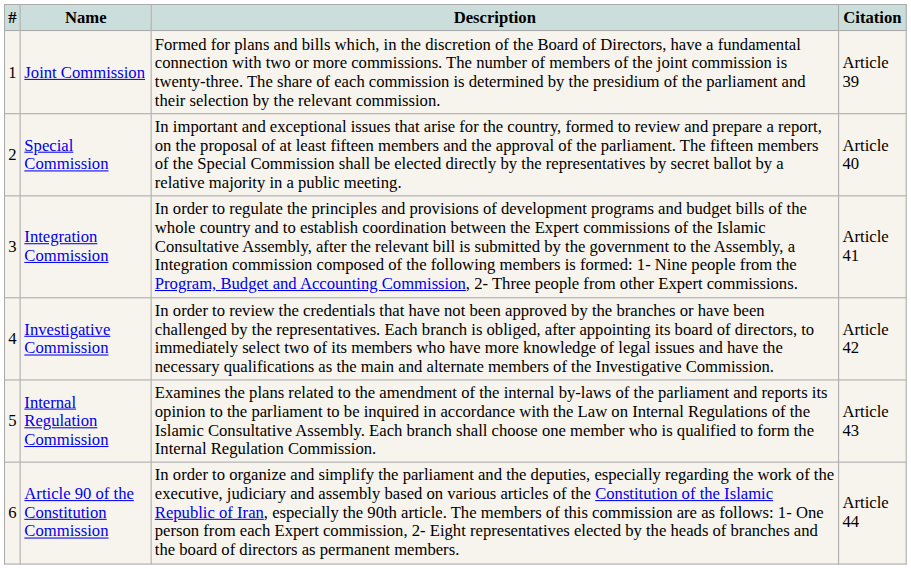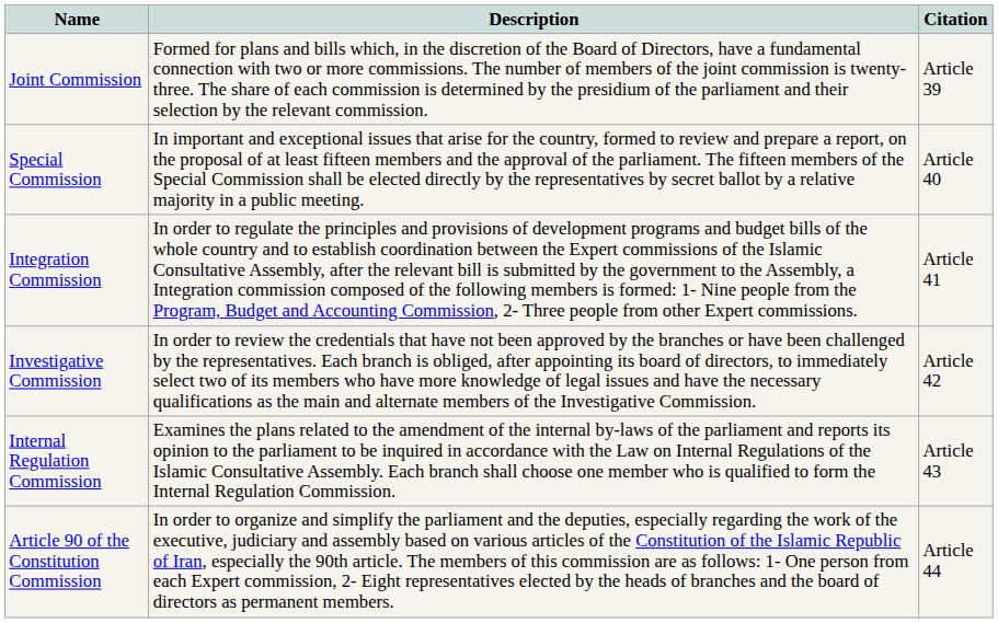 <table class="wikitable" style="background-color:#f7f4ed; color:#000000">
 <tr>
-<th style="background-color:#ccdedb;">#</th>
 <th style="background-color:#ccdedb;">Name</th>
 <th style="background-color:#ccdedb;">Description</th>
 <th style="background-color:#ccdedb;">Citation</th>
 </tr>
 <tr>
-<td>1</td>
 <td><a href='#'>Joint Commission</a></td>
 <td>Formed for plans and bills which, in the discretion of the Board of Directors, have a fundamental connection with two or more commissions. The number of members of the joint commission is twenty-three. The share of each commission is determined by the presidium of the parliament and their selection by the relevant commission.</td>
 <td>Article 39</td>
 </tr>
 <tr>
-<td>2</td>
 <td><a href='#'>Special Commission</a></td>
 <td>In important and exceptional issues that arise for the country, formed to review and prepare a report, on the proposal of at least fifteen members and the approval of the parliament. The fifteen members of the Special Commission shall be elected directly by the representatives by secret ballot by a relative majority in a public meeting.</td>
 <td>Article 40</td>
 </tr>
 <tr>
-<td>3</td>
 <td><a href='#'>Integration Commission</a></td>
 <td>In order to regulate the principles and provisions of development programs and budget bills of the whole country and to establish coordination between the Expert commissions of the Islamic Consultative Assembly, after the relevant bill is submitted by the government to the Assembly, a Integration commission composed of the following members is formed: 1- Nine people from the <a href='#'>Program, Budget and Accounting Commission</a>, 2- Three people from other Expert commissions.</td>
 <td>Article 41</td>
 </tr>
 <tr>
-<td>4</td>
 <td><a href='#'>Investigative Commission</a></td>
 <td>In order to review the credentials that have not been approved by the branches or have been challenged by the representatives. Each branch is obliged, after appointing its board of directors, to immediately select two of its members who have more knowledge of legal issues and have the necessary qualifications as the main and alternate members of the Investigative Commission.</td>
 <td>Article 42</td>
 </tr>
 <tr>
-<td>5</td>
 <td><a href='#'>Internal Regulation Commission</a></td>
 <td>Examines the plans related to the amendment of the internal by-laws of the parliament and reports its opinion to the parliament to be inquired in accordance with the Law on Internal Regulations of the Islamic Consultative Assembly. Each branch shall choose one member who is qualified to form the Internal Regulation Commission.</td>
 <td>Article 43</td>
 </tr>
 <tr>
-<td>6</td>
 <td><a href='#'>Article 90 of the Constitution Commission</a></td>
 <td>In order to organize and simplify the parliament and the deputies, especially regarding the work of the executive, judiciary and assembly based on various articles of the <a href='#'>Constitution of the Islamic Republic of Iran</a>, especially the 90th article. The members of this commission are as follows: 1- One person from each Expert commission, 2- Eight representatives elected by the heads of branches and the board of directors as permanent members.</td>
 <td>Article 44</td>
 </tr>
 </table>
